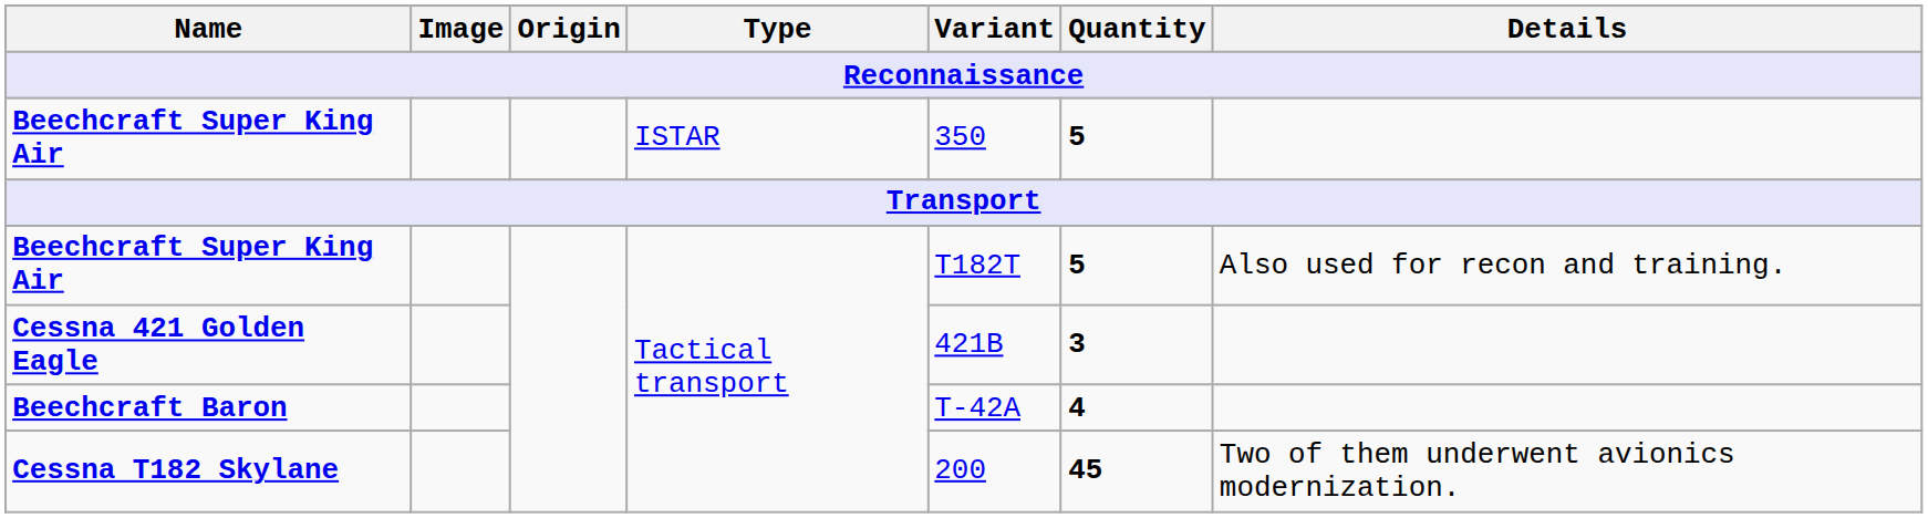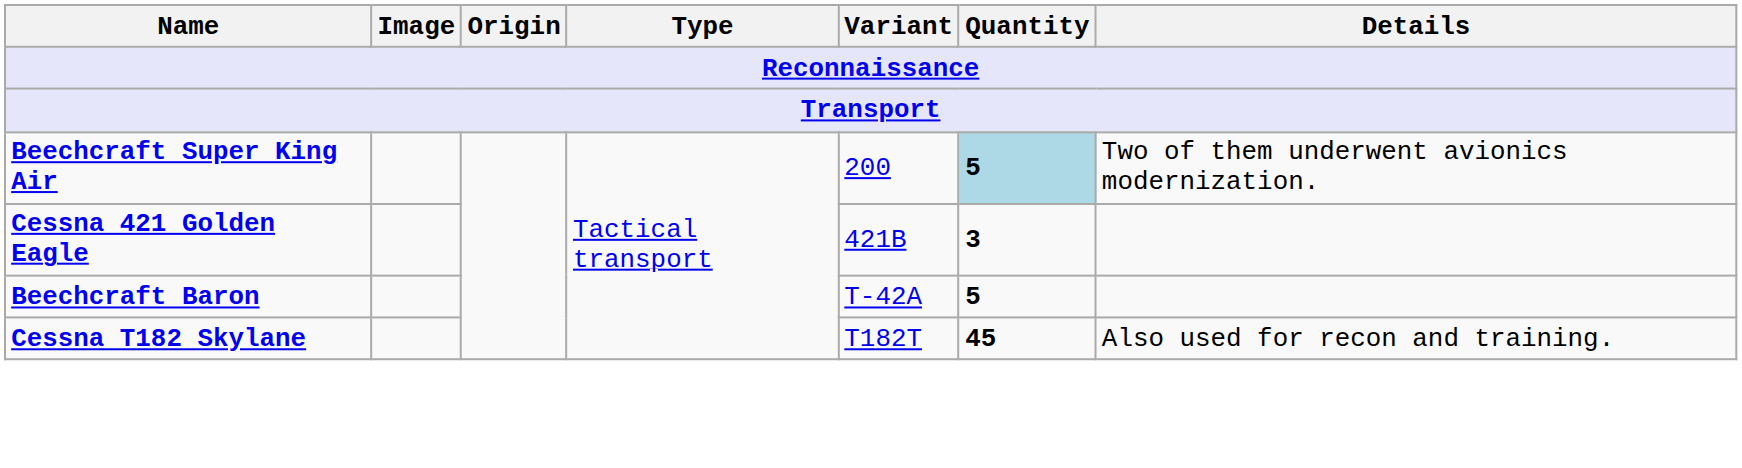 <table class="wikitable">
 <tr>
 <th>Name</th>
 <th>Image</th>
 <th>Origin</th>
 <th>Type</th>
 <th>Variant</th>
 <th>Quantity</th>
 <th>Details</th>
 </tr>
 <tr>
 <th colspan="7" style="align: center; background: lavender;"><a href='#'>Reconnaissance</a></th>
 </tr>
 <tr>
-<td><strong><a href='#'>Beechcraft Super King Air</a></strong></td>
-<td></td>
-<td></td>
-<td><a href='#'>ISTAR</a></td>
-<td><a href='#'>350</a></td>
-<td><strong>5</strong></td>
-<td></td>
-</tr>
-<tr>
 <th colspan="7" style="align: center; background: lavender;"><a href='#'>Transport</a></th>
 </tr>
 <tr>
 <td><strong><a href='#'>Beechcraft Super King Air</a></strong></td>
 <td></td>
 <td rowspan="4"></td>
 <td rowspan="4"><a href='#'>Tactical transport</a></td>
-<td><a href='#'>T182T</a></td>
-<td><strong>5</strong></td>
-<td>Also used for recon and training.</td>
+<td><a href='#'>200</a></td>
+<td style="background: lightblue;"><strong>5</strong></td>
+<td>Two of them underwent avionics modernization.</td>
 </tr>
 <tr>
 <td><a href='#'><strong>Cessna 421 Golden Eagle</strong></a></td>
 <td></td>
 <td><a href='#'>421B</a></td>
 <td><strong>3</strong></td>
 <td></td>
 </tr>
 <tr>
 <td><strong><a href='#'>Beechcraft Baron</a></strong></td>
 <td></td>
 <td><a href='#'>T-42A</a></td>
-<td><strong>4</strong></td>
+<td><strong>5</strong></td>
 <td></td>
 </tr>
 <tr>
 <td><a href='#'><strong>Cessna T182 Skylane</strong></a></td>
 <td></td>
-<td><a href='#'>200</a></td>
+<td><a href='#'>T182T</a></td>
 <td><strong>45</strong></td>
-<td>Two of them underwent avionics modernization.</td>
+<td>Also used for recon and training.</td>
 </tr>
 </table>
